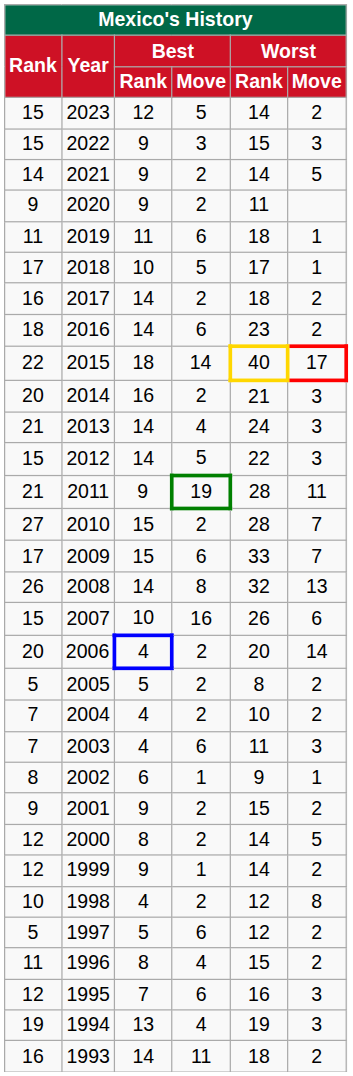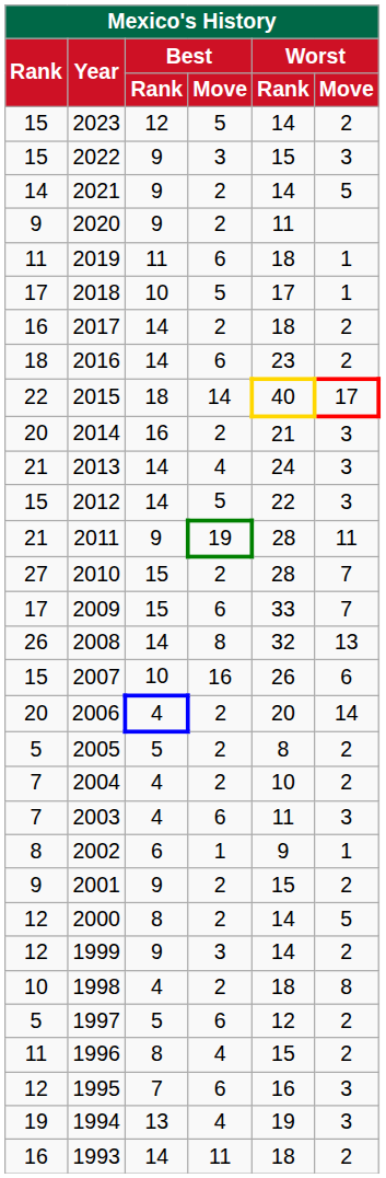 <table class="wikitable sortable" style="text-align:center;">
 <tr>
 <th colspan=9 style="background: #006847; color: #FFFFFF;"> Mexico's <a href='#'></a> History</th>
 </tr>
 <tr>
 <th rowspan=2 style="background-color: #CE1125; color: #FFFFFF;">Rank</th>
 <th rowspan=2 style="background-color: #CE1125; color: #FFFFFF;">Year</th>
 <th colspan=2 style="background-color: #CE1125; color: #FFFFFF;">Best</th>
 <th colspan=2 style="background-color: #CE1125; color: #FFFFFF;">Worst</th>
 </tr>
 <tr>
 <th style="background-color: #CE1125; color: #FFFFFF;">Rank</th>
 <th style="background-color: #CE1125; color: #FFFFFF;">Move</th>
 <th style="background-color: #CE1125; color: #FFFFFF;">Rank</th>
 <th style="background-color: #CE1125; color: #FFFFFF;">Move</th>
 </tr>
 <tr>
 <td>15</td>
 <td>2023</td>
 <td>12</td>
 <td> 5</td>
 <td>14</td>
 <td> 2</td>
 </tr>
 <tr>
 <td>15</td>
 <td>2022</td>
 <td>9</td>
 <td> 3</td>
 <td>15</td>
 <td> 3</td>
 </tr>
 <tr>
 <td>14</td>
 <td>2021</td>
 <td>9</td>
 <td> 2</td>
 <td>14</td>
 <td> 5</td>
 </tr>
 <tr>
 <td>9</td>
 <td>2020</td>
 <td>9</td>
 <td> 2</td>
 <td>11</td>
 <td></td>
 </tr>
 <tr>
 <td>11</td>
 <td>2019</td>
 <td>11</td>
 <td> 6</td>
 <td>18</td>
 <td> 1</td>
 </tr>
 <tr>
 <td>17</td>
 <td>2018</td>
 <td>10</td>
 <td> 5</td>
 <td>17</td>
 <td> 1</td>
 </tr>
 <tr>
 <td>16</td>
 <td>2017</td>
 <td>14</td>
 <td> 2</td>
 <td>18</td>
 <td> 2</td>
 </tr>
 <tr>
 <td>18</td>
 <td>2016</td>
 <td>14</td>
 <td> 6</td>
 <td>23</td>
 <td> 2</td>
 </tr>
 <tr>
 <td>22</td>
 <td>2015</td>
 <td>18</td>
 <td> 14</td>
 <td style="border: 3px solid gold">40</td>
 <td style="border: 3px solid red"> 17</td>
 </tr>
 <tr>
 <td>20</td>
 <td>2014</td>
 <td>16</td>
 <td> 2</td>
 <td>21</td>
 <td> 3</td>
 </tr>
 <tr>
 <td>21</td>
 <td>2013</td>
 <td>14</td>
 <td> 4</td>
 <td>24</td>
 <td> 3</td>
 </tr>
 <tr>
 <td>15</td>
 <td>2012</td>
 <td>14</td>
 <td> 5</td>
 <td>22</td>
 <td> 3</td>
 </tr>
 <tr>
 <td>21</td>
 <td>2011</td>
 <td>9</td>
 <td style="border: 3px solid green"> 19</td>
 <td>28</td>
 <td> 11</td>
 </tr>
 <tr>
 <td>27</td>
 <td>2010</td>
 <td>15</td>
 <td> 2</td>
 <td>28</td>
 <td> 7</td>
 </tr>
 <tr>
 <td>17</td>
 <td>2009</td>
 <td>15</td>
 <td> 6</td>
 <td>33</td>
 <td> 7</td>
 </tr>
 <tr>
 <td>26</td>
 <td>2008</td>
 <td>14</td>
 <td> 8</td>
 <td>32</td>
 <td> 13</td>
 </tr>
 <tr>
 <td>15</td>
 <td>2007</td>
 <td>10</td>
 <td> 16</td>
 <td>26</td>
 <td> 6</td>
 </tr>
 <tr>
 <td>20</td>
 <td>2006</td>
 <td style="border: 3px solid blue">4</td>
 <td> 2</td>
 <td>20</td>
 <td> 14</td>
 </tr>
 <tr>
 <td>5</td>
 <td>2005</td>
 <td>5</td>
 <td> 2</td>
 <td>8</td>
 <td> 2</td>
 </tr>
 <tr>
 <td>7</td>
 <td>2004</td>
 <td>4</td>
 <td> 2</td>
 <td>10</td>
 <td> 2</td>
 </tr>
 <tr>
 <td>7</td>
 <td>2003</td>
 <td>4</td>
 <td> 6</td>
 <td>11</td>
 <td> 3</td>
 </tr>
 <tr>
 <td>8</td>
 <td>2002</td>
 <td>6</td>
 <td> 1</td>
 <td>9</td>
 <td> 1</td>
 </tr>
 <tr>
 <td>9</td>
 <td>2001</td>
 <td>9</td>
 <td> 2</td>
 <td>15</td>
 <td> 2</td>
 </tr>
 <tr>
 <td>12</td>
 <td>2000</td>
 <td>8</td>
 <td> 2</td>
 <td>14</td>
 <td> 5</td>
 </tr>
 <tr>
 <td>12</td>
 <td>1999</td>
 <td>9</td>
-<td> 1</td>
+<td> 3</td>
 <td>14</td>
 <td> 2</td>
 </tr>
 <tr>
 <td>10</td>
 <td>1998</td>
 <td>4</td>
 <td> 2</td>
-<td>12</td>
+<td>18</td>
 <td> 8</td>
 </tr>
 <tr>
 <td>5</td>
 <td>1997</td>
 <td>5</td>
 <td> 6</td>
 <td>12</td>
 <td> 2</td>
 </tr>
 <tr>
 <td>11</td>
 <td>1996</td>
 <td>8</td>
 <td> 4</td>
 <td>15</td>
 <td> 2</td>
 </tr>
 <tr>
 <td>12</td>
 <td>1995</td>
 <td>7</td>
 <td> 6</td>
 <td>16</td>
 <td> 3</td>
 </tr>
 <tr>
 <td>19</td>
 <td>1994</td>
 <td>13</td>
 <td> 4</td>
 <td>19</td>
 <td> 3</td>
 </tr>
 <tr>
 <td>16</td>
 <td>1993</td>
 <td>14</td>
 <td> 11</td>
 <td>18</td>
 <td> 2</td>
 </tr>
 </table>
